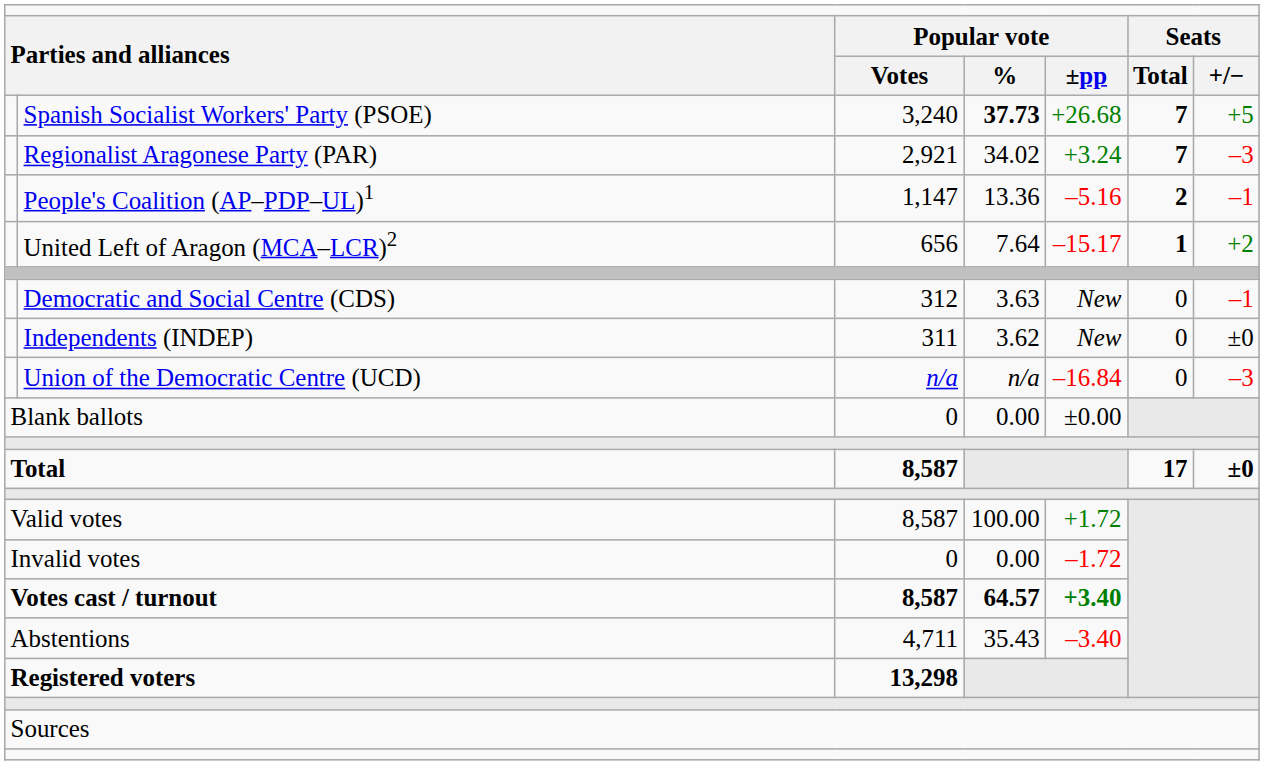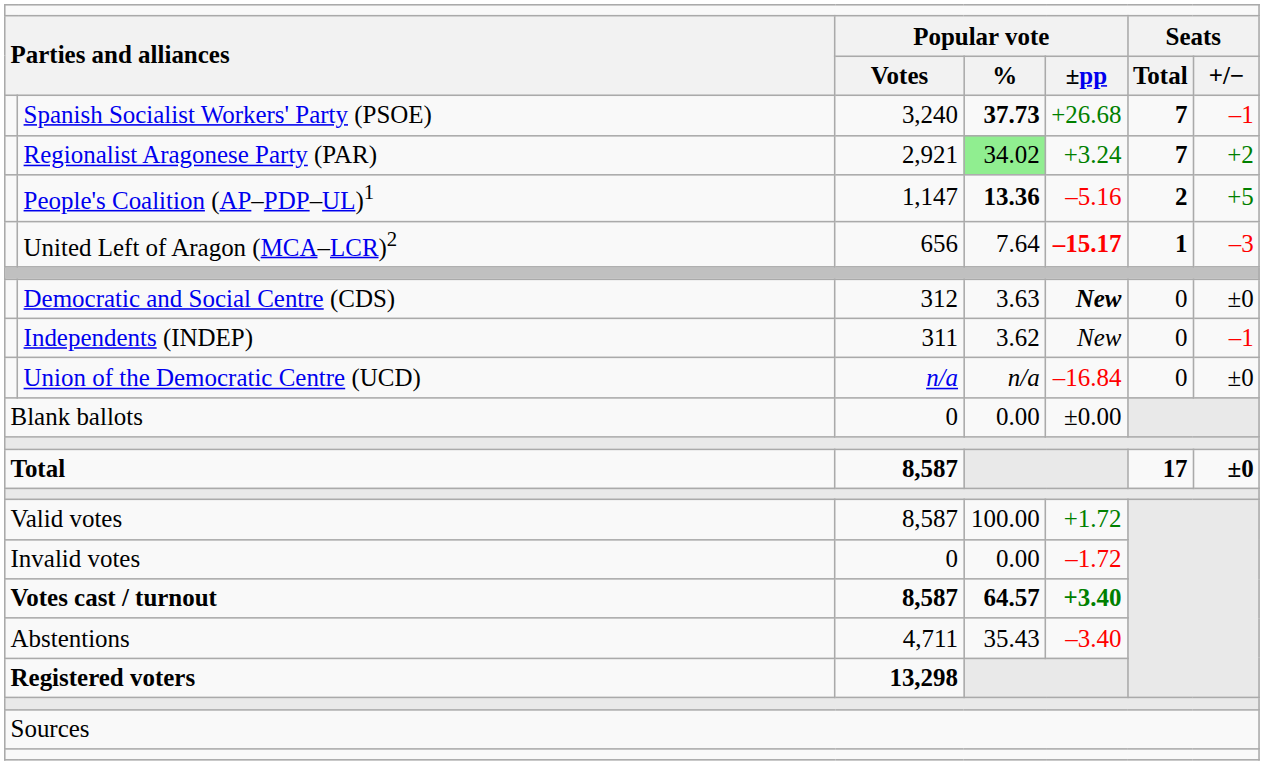 <table class="wikitable" style="text-align:right;">
 <tr>
 <td colspan="7"></td>
 </tr>
 <tr>
 <th style="text-align:left;" rowspan="2" colspan="2" width="525">Parties and alliances</th>
 <th colspan="3">Popular vote</th>
 <th colspan="2">Seats</th>
 </tr>
 <tr>
 <th width="75">Votes</th>
 <th width="45">%</th>
 <th width="45">±<a href='#'>pp</a></th>
 <th width="35">Total</th>
 <th width="35">+/−</th>
 </tr>
 <tr>
 <td width="1" style="color:inherit;background:"></td>
 <td align="left"><a href='#'>Spanish Socialist Workers' Party</a> (PSOE)</td>
 <td>3,240</td>
 <td><strong>37.73</strong></td>
 <td style="color:green;">+26.68</td>
 <td><strong>7</strong></td>
-<td style="color:green;">+5</td>
+<td style="color:red;">–1</td>
 </tr>
 <tr>
 <td style="color:inherit;background:"></td>
 <td align="left"><a href='#'>Regionalist Aragonese Party</a> (PAR)</td>
 <td>2,921</td>
-<td>34.02</td>
+<td style="background: lightgreen;">34.02</td>
 <td style="color:green;">+3.24</td>
 <td><strong>7</strong></td>
-<td style="color:red;">–3</td>
+<td style="color:green;">+2</td>
 </tr>
 <tr>
 <td style="color:inherit;background:"></td>
 <td align="left"><a href='#'>People's Coalition</a> (<a href='#'>AP</a>–<a href='#'>PDP</a>–<a href='#'>UL</a>)<sup>1</sup></td>
 <td>1,147</td>
-<td>13.36</td>
+<td><strong>13.36</strong></td>
 <td style="color:red;">–5.16</td>
 <td><strong>2</strong></td>
-<td style="color:red;">–1</td>
+<td style="color:green;">+5</td>
 </tr>
 <tr>
 <td style="color:inherit;background:"></td>
 <td align="left">United Left of Aragon (<a href='#'>MCA</a>–<a href='#'>LCR</a>)<sup>2</sup></td>
 <td>656</td>
 <td>7.64</td>
-<td style="color:red;">–15.17</td>
+<td style="color:red;"><strong>–15.17</strong></td>
 <td><strong>1</strong></td>
-<td style="color:green;">+2</td>
+<td style="color:red;">–3</td>
 </tr>
 <tr>
 <td colspan="7" bgcolor="#C0C0C0"></td>
 </tr>
 <tr>
 <td style="color:inherit;background:"></td>
 <td align="left"><a href='#'>Democratic and Social Centre</a> (CDS)</td>
 <td>312</td>
 <td>3.63</td>
-<td><em>New</em></td>
+<td><strong><em>New</em></strong></td>
 <td>0</td>
-<td style="color:red;">–1</td>
+<td>±0</td>
 </tr>
 <tr>
 <td style="color:inherit;background:"></td>
 <td align="left"><a href='#'>Independents</a> (INDEP)</td>
 <td>311</td>
 <td>3.62</td>
 <td><em>New</em></td>
 <td>0</td>
-<td>±0</td>
+<td style="color:red;">–1</td>
 </tr>
 <tr>
 <td style="color:inherit;background:"></td>
 <td align="left"><a href='#'>Union of the Democratic Centre</a> (UCD)</td>
 <td><em><a href='#'>n/a</a></em></td>
 <td><em>n/a</em></td>
 <td style="color:red;">–16.84</td>
 <td>0</td>
-<td style="color:red;">–3</td>
+<td>±0</td>
 </tr>
 <tr>
 <td align="left" colspan="2">Blank ballots</td>
 <td>0</td>
 <td>0.00</td>
 <td>±0.00</td>
 <td bgcolor="#E9E9E9" colspan="2"></td>
 </tr>
 <tr>
 <td colspan="7" bgcolor="#E9E9E9"></td>
 </tr>
 <tr style="font-weight:bold;">
 <td align="left" colspan="2">Total</td>
 <td>8,587</td>
 <td bgcolor="#E9E9E9" colspan="2"></td>
 <td>17</td>
 <td>±0</td>
 </tr>
 <tr>
 <td colspan="7" bgcolor="#E9E9E9"></td>
 </tr>
 <tr>
 <td align="left" colspan="2">Valid votes</td>
 <td>8,587</td>
 <td>100.00</td>
 <td style="color:green;">+1.72</td>
 <td bgcolor="#E9E9E9" colspan="2" rowspan="5"></td>
 </tr>
 <tr>
 <td align="left" colspan="2">Invalid votes</td>
 <td>0</td>
 <td>0.00</td>
 <td style="color:red;">–1.72</td>
 </tr>
 <tr style="font-weight:bold;">
 <td align="left" colspan="2">Votes cast / turnout</td>
 <td>8,587</td>
 <td>64.57</td>
 <td style="color:green;">+3.40</td>
 </tr>
 <tr>
 <td align="left" colspan="2">Abstentions</td>
 <td>4,711</td>
 <td>35.43</td>
 <td style="color:red;">–3.40</td>
 </tr>
 <tr style="font-weight:bold;">
 <td align="left" colspan="2">Registered voters</td>
 <td>13,298</td>
 <td bgcolor="#E9E9E9" colspan="2"></td>
 </tr>
 <tr>
 <td colspan="7" bgcolor="#E9E9E9"></td>
 </tr>
 <tr>
 <td align="left" colspan="7">Sources</td>
 </tr>
 <tr>
 <td colspan="7" style="text-align:left; max-width:790px;"></td>
 </tr>
 </table>
